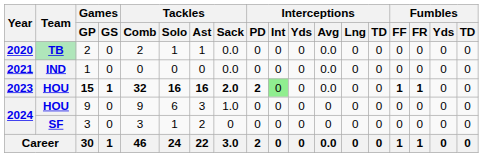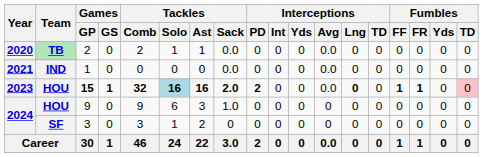 <table class=wikitable style="text-align:center;">
 <tr>
 <th rowspan="2">Year</th>
 <th rowspan="2">Team</th>
 <th colspan="2">Games</th>
 <th colspan="4">Tackles</th>
 <th colspan="6">Interceptions</th>
 <th colspan="4">Fumbles</th>
 </tr>
 <tr>
 <th>GP</th>
 <th>GS</th>
 <th>Comb</th>
 <th>Solo</th>
 <th>Ast</th>
 <th>Sack</th>
 <th>PD</th>
 <th>Int</th>
 <th>Yds</th>
 <th>Avg</th>
 <th>Lng</th>
 <th>TD</th>
 <th>FF</th>
 <th>FR</th>
 <th>Yds</th>
 <th>TD</th>
 </tr>
 <tr>
 <th><a href='#'>2020</a></th>
 <th style="background:#afe6ba; width:3em;"><a href='#'>TB</a></th>
 <td>2</td>
 <td>0</td>
 <td>2</td>
 <td>1</td>
 <td>1</td>
 <td>0.0</td>
 <td>0</td>
 <td>0</td>
 <td>0</td>
 <td>0.0</td>
 <td>0</td>
 <td>0</td>
 <td>0</td>
 <td>0</td>
 <td>0</td>
 <td>0</td>
 </tr>
 <tr>
 <th><a href='#'>2021</a></th>
 <th><a href='#'>IND</a></th>
 <td>1</td>
 <td>0</td>
 <td>0</td>
 <td>0</td>
 <td>0</td>
 <td>0.0</td>
 <td>0</td>
 <td>0</td>
 <td>0</td>
 <td>0.0</td>
 <td>0</td>
 <td>0</td>
 <td>0</td>
 <td>0</td>
 <td>0</td>
 <td>0</td>
 </tr>
 <tr>
 <th><a href='#'>2023</a></th>
 <th><a href='#'>HOU</a></th>
 <td><strong>15</strong></td>
 <td><strong>1</strong></td>
 <td><strong>32</strong></td>
-<td><strong>16</strong></td>
+<td style="background: lightblue;"><strong>16</strong></td>
 <td><strong>16</strong></td>
 <td><strong>2.0</strong></td>
 <td><strong>2</strong></td>
-<td style="background: lightgreen;">0</td>
+<td>0</td>
 <td>0</td>
 <td>0.0</td>
-<td>0</td>
+<td><strong>0</strong></td>
 <td>0</td>
 <td><strong>1</strong></td>
 <td><strong>1</strong></td>
 <td>0</td>
-<td>0</td>
+<td style="background: pink;">0</td>
 </tr>
 <tr>
 <th rowspan="2"><a href='#'>2024</a></th>
 <th><a href='#'>HOU</a></th>
 <td>9</td>
 <td>0</td>
 <td>9</td>
 <td>6</td>
 <td>3</td>
 <td>1.0</td>
 <td>0</td>
 <td>0</td>
 <td>0</td>
 <td>0</td>
 <td>0</td>
 <td>0</td>
 <td>0</td>
 <td>0</td>
 <td>0</td>
 <td>0</td>
 </tr>
 <tr>
 <th><a href='#'>SF</a></th>
 <td>3</td>
 <td>0</td>
 <td>3</td>
 <td>1</td>
 <td>2</td>
 <td>0</td>
 <td>0</td>
 <td>0</td>
 <td>0</td>
 <td>0</td>
 <td>0</td>
 <td>0</td>
 <td>0</td>
 <td>0</td>
 <td>0</td>
 <td>0</td>
 </tr>
 <tr>
 <th colspan="2">Career</th>
 <th>30</th>
 <th>1</th>
 <th>46</th>
 <th>24</th>
 <th>22</th>
 <th>3.0</th>
 <th>2</th>
 <th>0</th>
 <th>0</th>
 <th>0.0</th>
 <th>0</th>
 <th>0</th>
 <th>1</th>
 <th>1</th>
 <th>0</th>
 <th>0</th>
 </tr>
 </table>
